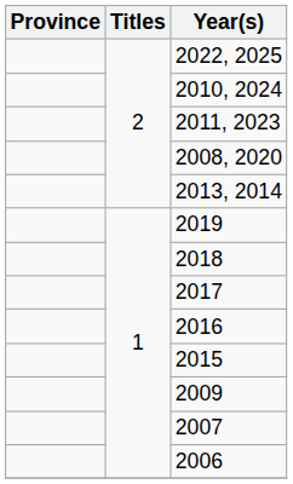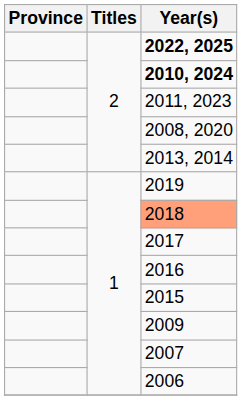 <table class="wikitable">
 <tr>
 <th>Province</th>
 <th>Titles</th>
 <th>Year(s)</th>
 </tr>
 <tr>
 <td></td>
 <td rowspan="5" style="text-align:center;">2</td>
-<td>2022, 2025</td>
+<td><strong>2022, 2025</strong></td>
 </tr>
 <tr>
 <td></td>
-<td>2010, 2024</td>
+<td><strong>2010, 2024</strong></td>
 </tr>
 <tr>
 <td></td>
 <td>2011, 2023</td>
 </tr>
 <tr>
 <td></td>
 <td>2008, 2020</td>
 </tr>
 <tr>
 <td></td>
 <td>2013, 2014</td>
 </tr>
 <tr>
 <td></td>
 <td rowspan="8" style="text-align:center;">1</td>
 <td>2019</td>
 </tr>
 <tr>
 <td></td>
-<td>2018</td>
+<td style="background: lightsalmon;">2018</td>
 </tr>
 <tr>
 <td></td>
 <td>2017</td>
 </tr>
 <tr>
 <td></td>
 <td>2016</td>
 </tr>
 <tr>
 <td></td>
 <td>2015</td>
 </tr>
 <tr>
 <td></td>
 <td>2009</td>
 </tr>
 <tr>
 <td></td>
 <td>2007</td>
 </tr>
 <tr>
 <td></td>
 <td>2006</td>
 </tr>
 <tr>
 </tr>
 </table>
